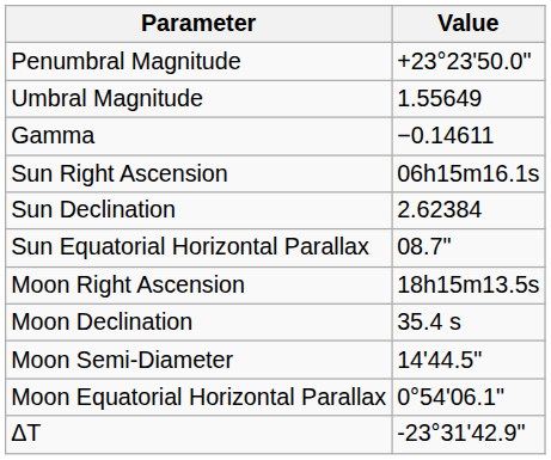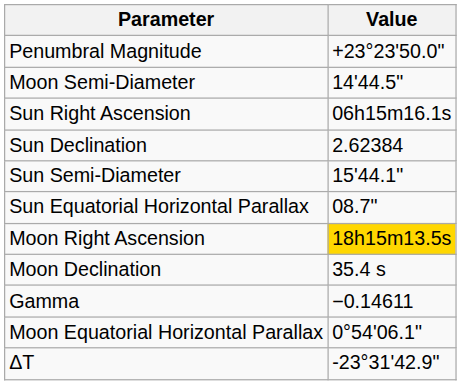 <table class="wikitable">
 <tr>
 <th>Parameter</th>
 <th>Value</th>
 </tr>
 <tr>
 <td>Penumbral Magnitude</td>
 <td>+23°23'50.0"</td>
 </tr>
 <tr>
-<td>Umbral Magnitude</td>
-<td>1.55649</td>
-</tr>
-<tr>
-<td>Gamma</td>
-<td>−0.14611</td>
+<td>Moon Semi-Diameter</td>
+<td>14'44.5"</td>
 </tr>
 <tr>
 <td>Sun Right Ascension</td>
 <td>06h15m16.1s</td>
 </tr>
 <tr>
 <td>Sun Declination</td>
 <td>2.62384</td>
 </tr>
 <tr>
+<td>Sun Semi-Diameter</td>
+<td>15'44.1"</td>
+</tr>
+<tr>
 <td>Sun Equatorial Horizontal Parallax</td>
 <td>08.7"</td>
 </tr>
 <tr>
 <td>Moon Right Ascension</td>
-<td>18h15m13.5s</td>
+<td style="background: gold;">18h15m13.5s</td>
 </tr>
 <tr>
 <td>Moon Declination</td>
 <td>35.4 s</td>
 </tr>
 <tr>
-<td>Moon Semi-Diameter</td>
-<td>14'44.5"</td>
+<td>Gamma</td>
+<td>−0.14611</td>
 </tr>
 <tr>
 <td>Moon Equatorial Horizontal Parallax</td>
 <td>0°54'06.1"</td>
 </tr>
 <tr>
 <td>ΔT</td>
 <td>-23°31'42.9"</td>
 </tr>
 </table>
